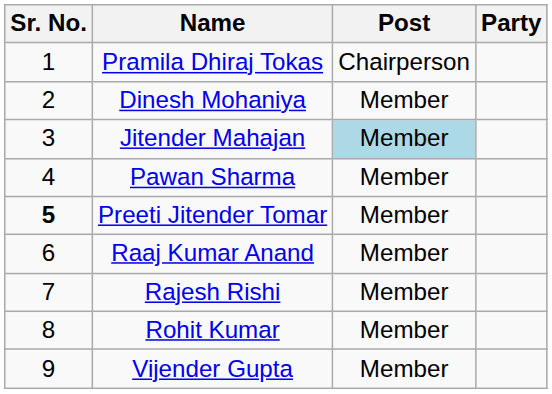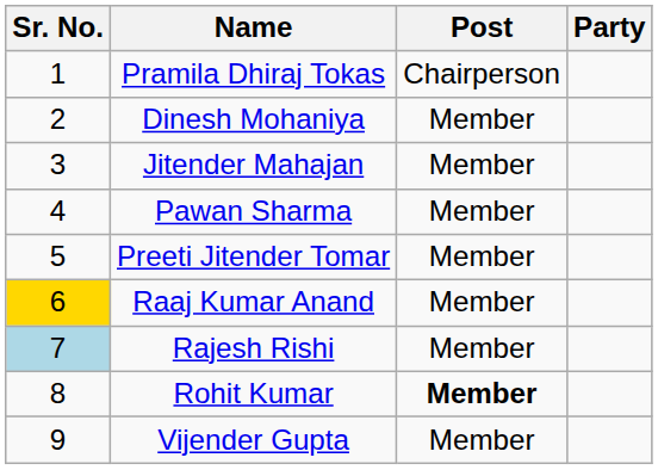 <table class="wikitable sortable">
 <tr>
 <th>Sr. No.</th>
 <th>Name</th>
 <th>Post</th>
 <th colspan="2">Party</th>
 </tr>
 <tr align="center">
 <td>1</td>
 <td><a href='#'>Pramila Dhiraj Tokas</a></td>
 <td>Chairperson</td>
 <td></td>
 </tr>
 <tr align="center">
 <td>2</td>
 <td><a href='#'>Dinesh Mohaniya</a></td>
 <td>Member</td>
 <td></td>
 </tr>
 <tr align="center">
 <td>3</td>
 <td><a href='#'>Jitender Mahajan</a></td>
-<td style="background: lightblue;">Member</td>
+<td>Member</td>
 <td></td>
 </tr>
 <tr align="center">
 <td>4</td>
 <td><a href='#'>Pawan Sharma</a></td>
 <td>Member</td>
 <td></td>
 </tr>
 <tr align="center">
-<td><strong>5</strong></td>
+<td>5</td>
 <td><a href='#'>Preeti Jitender Tomar</a></td>
 <td>Member</td>
 <td></td>
 </tr>
 <tr align="center">
-<td>6</td>
+<td style="background: gold;">6</td>
 <td><a href='#'>Raaj Kumar Anand</a></td>
 <td>Member</td>
 <td></td>
 </tr>
 <tr align="center">
-<td>7</td>
+<td style="background: lightblue;">7</td>
 <td><a href='#'>Rajesh Rishi</a></td>
 <td>Member</td>
 <td></td>
 </tr>
 <tr align="center">
 <td>8</td>
 <td><a href='#'>Rohit Kumar</a></td>
-<td>Member</td>
+<td><strong>Member</strong></td>
 <td></td>
 </tr>
 <tr align="center">
 <td>9</td>
 <td><a href='#'>Vijender Gupta</a></td>
 <td>Member</td>
 <td></td>
 </tr>
 </table>
